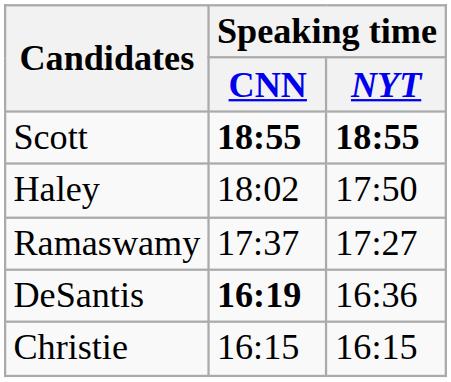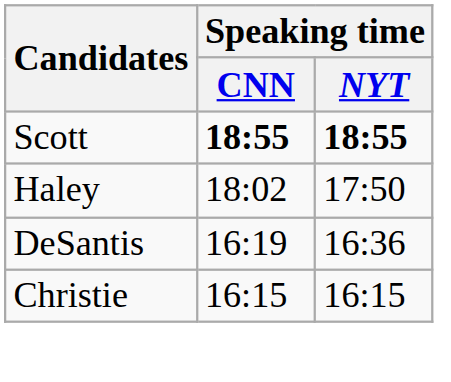 <table class="wikitable sortable" style="display:inline-table;line-height:16px;">
 <tr>
 <th rowspan=2>Candidates</th>
 <th colspan=2>Speaking time</th>
 </tr>
 <tr>
 <th><a href='#'>CNN</a></th>
 <th><em><a href='#'>NYT</a></em></th>
 </tr>
 <tr>
 <td>Scott</td>
 <td><strong>18:55</strong></td>
 <td><strong>18:55</strong></td>
 </tr>
 <tr>
 <td>Haley</td>
 <td>18:02</td>
 <td>17:50</td>
 </tr>
 <tr>
-<td>Ramaswamy</td>
-<td>17:37</td>
-<td>17:27</td>
-</tr>
-<tr>
 <td>DeSantis</td>
-<td><strong>16:19</strong></td>
+<td>16:19</td>
 <td>16:36</td>
 </tr>
 <tr>
 <td>Christie</td>
 <td>16:15</td>
 <td>16:15</td>
 </tr>
 </table>
